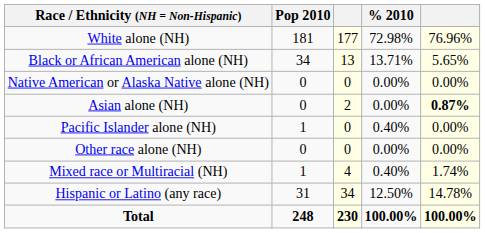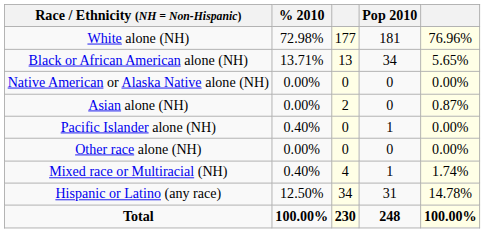 <table class="wikitable" style="text-align:center;">
 <tr>
 <th>Race / Ethnicity <small>(<em>NH = Non-Hispanic</em>)</small></th>
+<th>% 2010</th>
+<th></th>
 <th>Pop 2010</th>
-<th></th>
-<th>% 2010</th>
 <th></th>
 </tr>
 <tr>
 <td><a href='#'>White</a> alone (NH)</td>
+<td>72.98%</td>
+<td style='background: #ffffe6;'>177</td>
 <td>181</td>
-<td style='background: #ffffe6;'>177</td>
-<td>72.98%</td>
 <td style='background: #ffffe6;'>76.96%</td>
 </tr>
 <tr>
 <td><a href='#'>Black or African American</a> alone (NH)</td>
+<td>13.71%</td>
+<td style='background: #ffffe6;'>13</td>
 <td>34</td>
-<td style='background: #ffffe6;'>13</td>
-<td>13.71%</td>
 <td style='background: #ffffe6;'>5.65%</td>
 </tr>
 <tr>
 <td><a href='#'>Native American</a> or <a href='#'>Alaska Native</a> alone (NH)</td>
+<td>0.00%</td>
+<td style='background: #ffffe6;'>0</td>
 <td>0</td>
-<td style='background: #ffffe6;'>0</td>
-<td>0.00%</td>
 <td style='background: #ffffe6;'>0.00%</td>
 </tr>
 <tr>
 <td><a href='#'>Asian</a> alone (NH)</td>
+<td>0.00%</td>
+<td style='background: #ffffe6;'>2</td>
 <td>0</td>
-<td style='background: #ffffe6;'>2</td>
-<td>0.00%</td>
-<td style='background: #ffffe6;'><strong>0.87%</strong></td>
+<td style='background: #ffffe6;'>0.87%</td>
 </tr>
 <tr>
 <td><a href='#'>Pacific Islander</a> alone (NH)</td>
+<td>0.40%</td>
+<td style='background: #ffffe6;'>0</td>
 <td>1</td>
-<td style='background: #ffffe6;'>0</td>
-<td>0.40%</td>
 <td style='background: #ffffe6;'>0.00%</td>
 </tr>
 <tr>
 <td><a href='#'>Other race</a> alone (NH)</td>
+<td>0.00%</td>
+<td style='background: #ffffe6;'>0</td>
 <td>0</td>
-<td style='background: #ffffe6;'>0</td>
-<td>0.00%</td>
 <td style='background: #ffffe6;'>0.00%</td>
 </tr>
 <tr>
 <td><a href='#'>Mixed race or Multiracial</a> (NH)</td>
+<td>0.40%</td>
+<td style='background: #ffffe6;'>4</td>
 <td>1</td>
-<td style='background: #ffffe6;'>4</td>
-<td>0.40%</td>
 <td style='background: #ffffe6;'>1.74%</td>
 </tr>
 <tr>
 <td><a href='#'>Hispanic or Latino</a> (any race)</td>
+<td>12.50%</td>
+<td style='background: #ffffe6;'>34</td>
 <td>31</td>
-<td style='background: #ffffe6;'>34</td>
-<td>12.50%</td>
 <td style='background: #ffffe6;'>14.78%</td>
 </tr>
 <tr>
 <td><strong>Total</strong></td>
+<td><strong>100.00%</strong></td>
+<td style='background: #ffffe6;'><strong>230</strong></td>
 <td><strong>248</strong></td>
-<td style='background: #ffffe6;'><strong>230</strong></td>
-<td><strong>100.00%</strong></td>
 <td style='background: #ffffe6;'><strong>100.00%</strong></td>
 </tr>
 </table>
